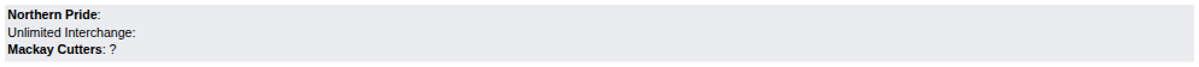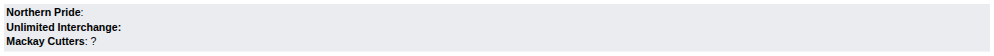 <table style="background:#eaecf0; font-size:85%; width:100%;">
 <tr>
 <td><strong>Northern Pride</strong>:             </td>
 </tr>
 <tr>
-<td>Unlimited Interchange:       </td>
+<td><strong>Unlimited Interchange:       </strong></td>
 </tr>
 <tr>
 <td><strong>Mackay Cutters</strong>: ?</td>
 </tr>
 <tr>
 </tr>
 </table>
